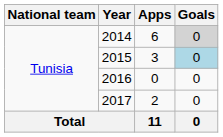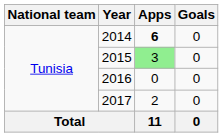 <table class="wikitable" style="text-align:center">
 <tr>
 <th>National team</th>
 <th>Year</th>
 <th>Apps</th>
 <th>Goals</th>
 </tr>
 <tr>
 <td rowspan="4"><a href='#'>Tunisia</a></td>
 <td>2014</td>
-<td>6</td>
-<td style="background: lightgrey;">0</td>
+<td><strong>6</strong></td>
+<td>0</td>
 </tr>
 <tr>
 <td>2015</td>
-<td>3</td>
-<td style="background: lightblue;">0</td>
+<td style="background: lightgreen;">3</td>
+<td>0</td>
 </tr>
 <tr>
 <td>2016</td>
 <td>0</td>
 <td>0</td>
 </tr>
 <tr>
 <td>2017</td>
 <td>2</td>
 <td>0</td>
 </tr>
 <tr>
 <th colspan="2">Total</th>
 <th>11</th>
 <th>0</th>
 </tr>
 </table>
